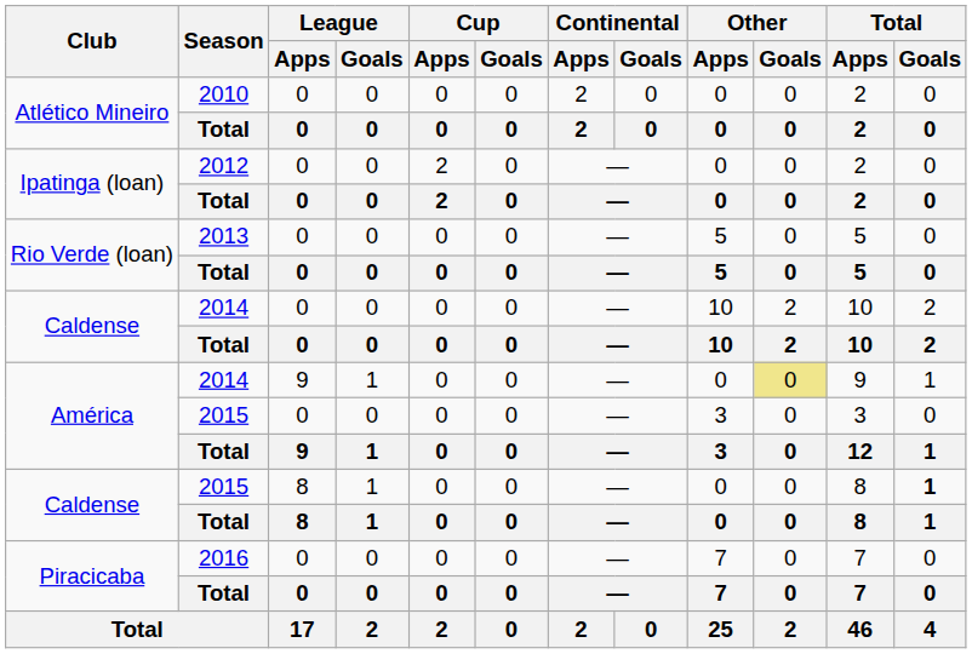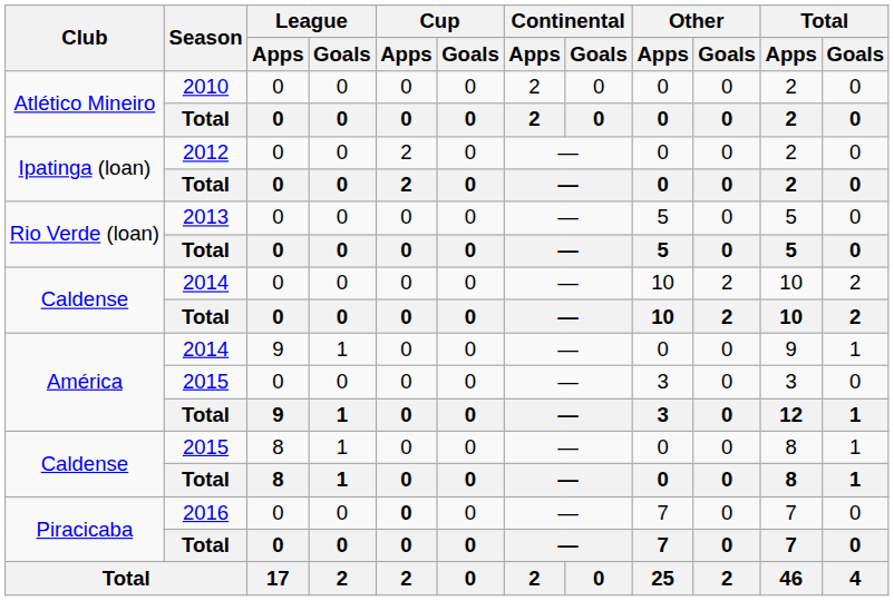 <table class="wikitable" style="text-align: center;">
 <tr>
 <th rowspan="2">Club</th>
 <th rowspan="2">Season</th>
 <th colspan="2">League</th>
 <th colspan="2">Cup</th>
 <th colspan="2">Continental</th>
 <th colspan="2">Other</th>
 <th colspan="2">Total</th>
 </tr>
 <tr>
 <th>Apps</th>
 <th>Goals</th>
 <th>Apps</th>
 <th>Goals</th>
 <th>Apps</th>
 <th>Goals</th>
 <th>Apps</th>
 <th>Goals</th>
 <th>Apps</th>
 <th>Goals</th>
 </tr>
 <tr>
 <td rowspan="2" valign="center"><a href='#'>Atlético Mineiro</a></td>
 <td><a href='#'>2010</a></td>
 <td>0</td>
 <td>0</td>
 <td>0</td>
 <td>0</td>
 <td>2</td>
 <td>0</td>
 <td>0</td>
 <td>0</td>
 <td>2</td>
 <td>0</td>
 </tr>
 <tr>
 <th colspan="1">Total</th>
 <th>0</th>
 <th>0</th>
 <th>0</th>
 <th>0</th>
 <th>2</th>
 <th>0</th>
 <th>0</th>
 <th>0</th>
 <th>2</th>
 <th>0</th>
 </tr>
 <tr>
 <td rowspan="2" valign="center"><a href='#'>Ipatinga</a> (loan)</td>
 <td><a href='#'>2012</a></td>
 <td>0</td>
 <td>0</td>
 <td>2</td>
 <td>0</td>
 <td colspan="2">—</td>
 <td>0</td>
 <td>0</td>
 <td>2</td>
 <td>0</td>
 </tr>
 <tr>
 <th colspan="1">Total</th>
 <th>0</th>
 <th>0</th>
 <th>2</th>
 <th>0</th>
 <th colspan="2">—</th>
 <th>0</th>
 <th>0</th>
 <th>2</th>
 <th>0</th>
 </tr>
 <tr>
 <td rowspan="2" valign="center"><a href='#'>Rio Verde</a> (loan)</td>
 <td><a href='#'>2013</a></td>
 <td>0</td>
 <td>0</td>
 <td>0</td>
 <td>0</td>
 <td colspan="2">—</td>
 <td>5</td>
 <td>0</td>
 <td>5</td>
 <td>0</td>
 </tr>
 <tr>
 <th colspan="1">Total</th>
 <th>0</th>
 <th>0</th>
 <th>0</th>
 <th>0</th>
 <th colspan="2">—</th>
 <th>5</th>
 <th>0</th>
 <th>5</th>
 <th>0</th>
 </tr>
 <tr>
 <td rowspan="2" valign="center"><a href='#'>Caldense</a></td>
 <td><a href='#'>2014</a></td>
 <td>0</td>
 <td>0</td>
 <td>0</td>
 <td>0</td>
 <td colspan="2">—</td>
 <td>10</td>
 <td>2</td>
 <td>10</td>
 <td>2</td>
 </tr>
 <tr>
 <th colspan="1">Total</th>
 <th>0</th>
 <th>0</th>
 <th>0</th>
 <th>0</th>
 <th colspan="2">—</th>
 <th>10</th>
 <th>2</th>
 <th>10</th>
 <th>2</th>
 </tr>
 <tr>
 <td rowspan="3" valign="center"><a href='#'>América</a></td>
 <td><a href='#'>2014</a></td>
 <td>9</td>
 <td>1</td>
 <td>0</td>
 <td>0</td>
 <td colspan="2">—</td>
 <td>0</td>
-<td style="background: khaki;">0</td>
+<td>0</td>
 <td>9</td>
 <td>1</td>
 </tr>
 <tr>
 <td><a href='#'>2015</a></td>
 <td>0</td>
 <td>0</td>
 <td>0</td>
 <td>0</td>
 <td colspan="2">—</td>
 <td>3</td>
 <td>0</td>
 <td>3</td>
 <td>0</td>
 </tr>
 <tr>
 <th colspan="1">Total</th>
 <th>9</th>
 <th>1</th>
 <th>0</th>
 <th>0</th>
 <th colspan="2">—</th>
 <th>3</th>
 <th>0</th>
 <th>12</th>
 <th>1</th>
 </tr>
 <tr>
 <td rowspan="2" valign="center"><a href='#'>Caldense</a></td>
 <td><a href='#'>2015</a></td>
 <td>8</td>
 <td>1</td>
 <td>0</td>
 <td>0</td>
 <td colspan="2">—</td>
 <td>0</td>
 <td>0</td>
 <td>8</td>
-<td><strong>1</strong></td>
+<td>1</td>
 </tr>
 <tr>
 <th colspan="1">Total</th>
 <th>8</th>
 <th>1</th>
 <th>0</th>
 <th>0</th>
 <th colspan="2">—</th>
 <th>0</th>
 <th>0</th>
 <th>8</th>
 <th>1</th>
 </tr>
 <tr>
 <td rowspan="2" valign="center"><a href='#'>Piracicaba</a></td>
 <td><a href='#'>2016</a></td>
 <td>0</td>
 <td>0</td>
-<td>0</td>
+<td><strong>0</strong></td>
 <td>0</td>
 <td colspan="2">—</td>
 <td>7</td>
 <td>0</td>
 <td>7</td>
 <td>0</td>
 </tr>
 <tr>
 <th colspan="1">Total</th>
 <th>0</th>
 <th>0</th>
 <th>0</th>
 <th>0</th>
 <th colspan="2">—</th>
 <th>7</th>
 <th>0</th>
 <th>7</th>
 <th>0</th>
 </tr>
 <tr>
 <th colspan="2">Total</th>
 <th>17</th>
 <th>2</th>
 <th>2</th>
 <th>0</th>
 <th>2</th>
 <th>0</th>
 <th>25</th>
 <th>2</th>
 <th>46</th>
 <th>4</th>
 </tr>
 </table>
